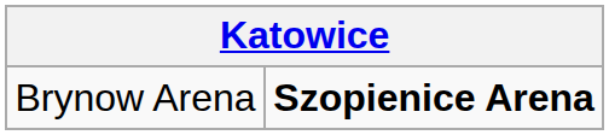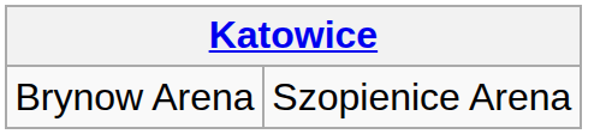 <table class="wikitable" style="text-align=center">
 <tr>
 <th colspan="2"><strong><a href='#'>Katowice</a></strong></th>
 </tr>
 <tr>
 <td>Brynow Arena</td>
-<td><strong>Szopienice Arena</strong></td>
+<td>Szopienice Arena</td>
 </tr>
 </table>
